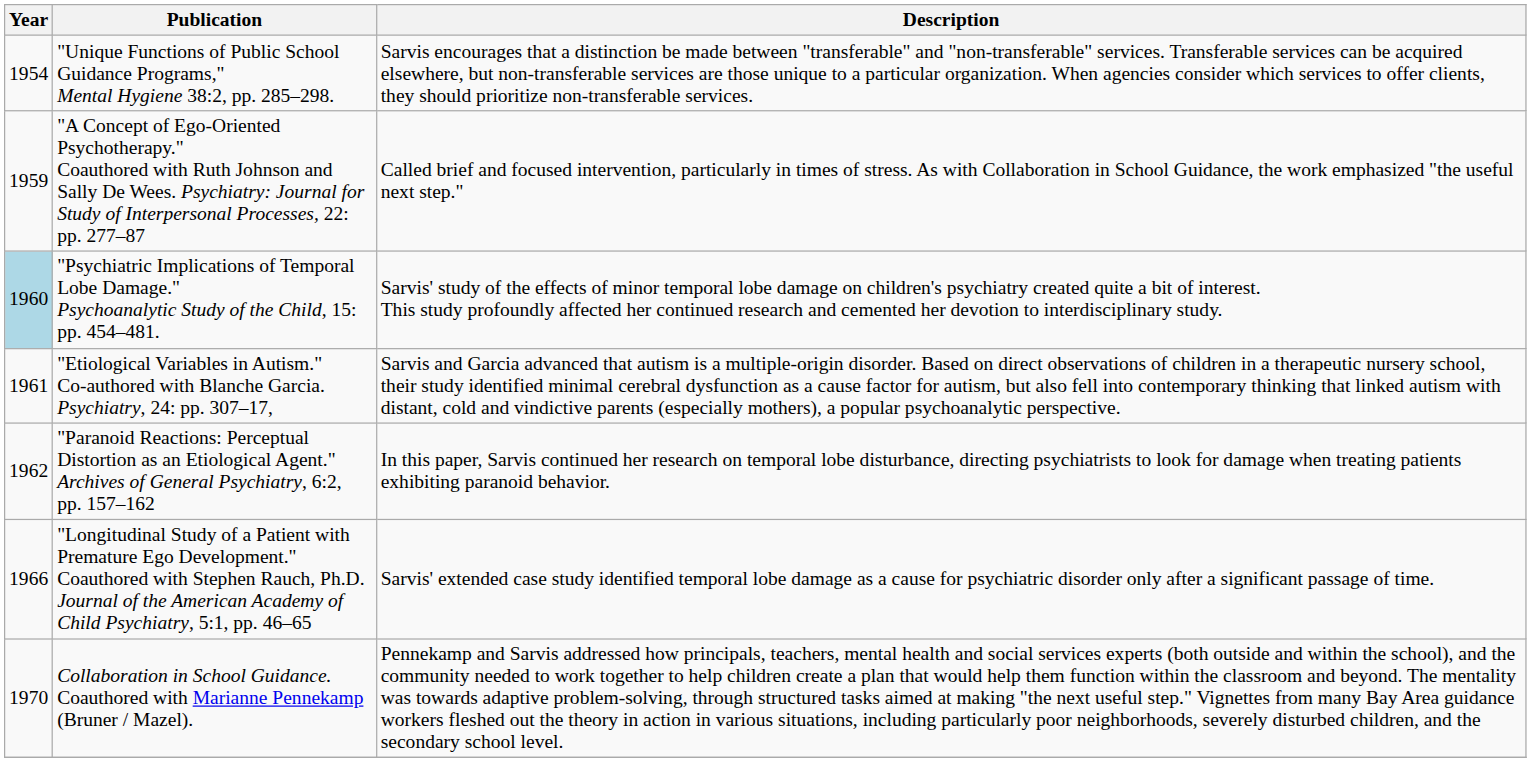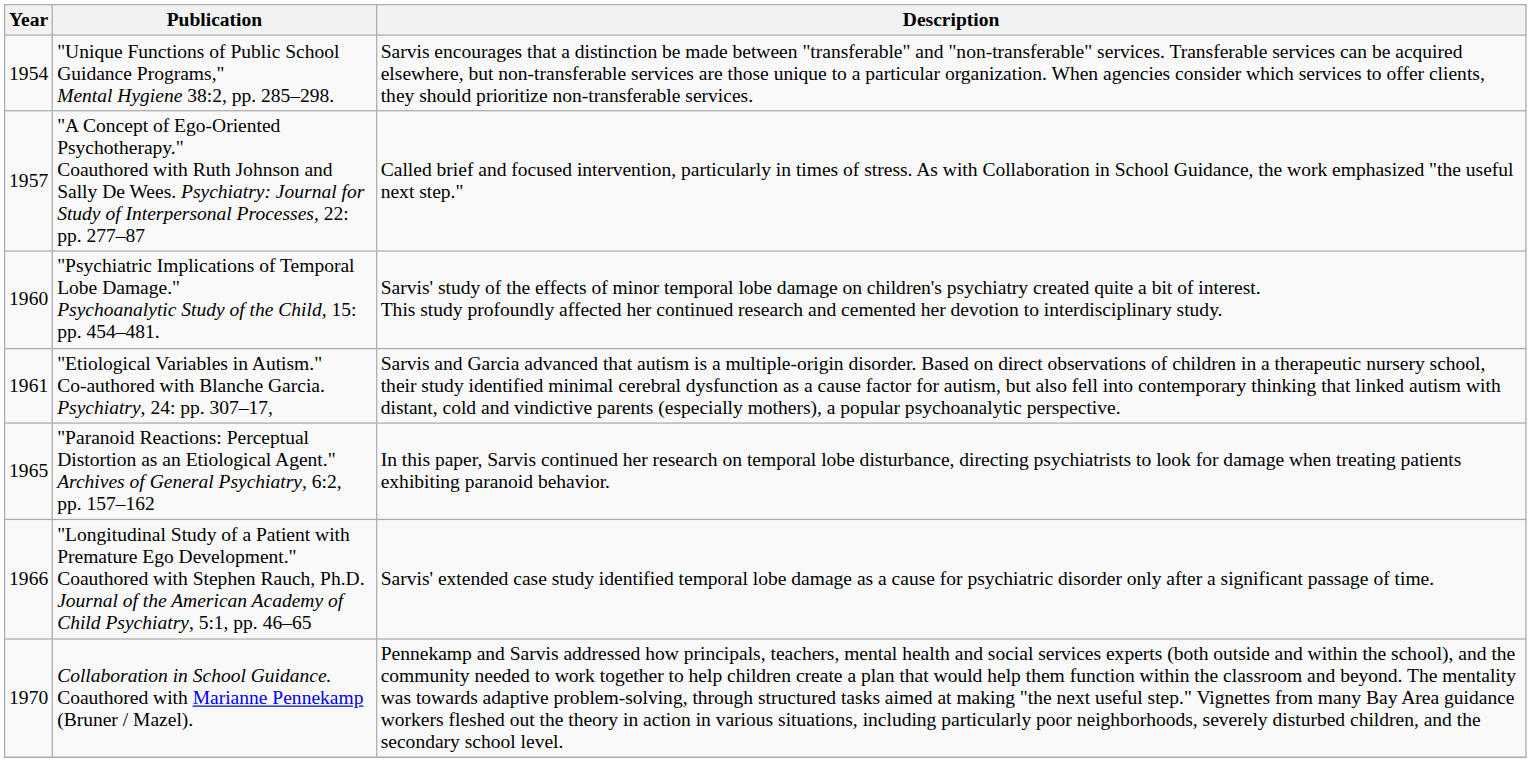 <table class="wikitable">
 <tr>
 <th>Year</th>
 <th>Publication</th>
 <th>Description</th>
 </tr>
 <tr>
 <td>1954</td>
 <td>"Unique Functions of Public School Guidance Programs,"<br><em>Mental Hygiene</em> 38:2, pp. 285–298.</td>
 <td>Sarvis encourages that a distinction be made between "transferable" and "non-transferable" services. Transferable services can be acquired elsewhere, but non-transferable services are those unique to a particular organization. When agencies consider which services to offer clients, they should prioritize non-transferable services.</td>
 </tr>
 <tr>
-<td>1959</td>
+<td>1957</td>
 <td>"A Concept of Ego-Oriented Psychotherapy."<br>Coauthored with Ruth Johnson and Sally De Wees. <em>Psychiatry: Journal for Study of Interpersonal Processes,</em>  22: pp. 277–87</td>
 <td>Called brief and focused intervention, particularly in times of stress.  As with Collaboration in School Guidance, the work emphasized "the useful next step."</td>
 </tr>
 <tr>
-<td style="background: lightblue;">1960</td>
+<td>1960</td>
 <td>"Psychiatric Implications of Temporal Lobe Damage."<br><em>Psychoanalytic Study of the Child</em>, 15: pp. 454–481.</td>
 <td>Sarvis' study of the effects of minor temporal lobe damage on children's psychiatry created quite a bit of interest.<br>This study profoundly affected her continued research and cemented her devotion to interdisciplinary study.</td>
 </tr>
 <tr>
 <td>1961</td>
 <td>"Etiological Variables in Autism."<br>Co-authored with Blanche Garcia. <em>Psychiatry</em>, 24: pp. 307–17,</td>
 <td>Sarvis and Garcia advanced that autism is a multiple-origin disorder. Based on direct observations of children in a therapeutic nursery school, their study identified minimal cerebral dysfunction as a cause factor for autism, but also fell into contemporary thinking that linked autism with distant, cold and vindictive parents (especially mothers), a popular psychoanalytic perspective.</td>
 </tr>
 <tr>
-<td>1962</td>
+<td>1965</td>
 <td>"Paranoid Reactions: Perceptual Distortion as an Etiological Agent."<br><em>Archives of General Psychiatry</em>, 6:2, pp. 157–162</td>
 <td>In this paper, Sarvis continued her research on temporal lobe disturbance, directing psychiatrists to look for damage when treating patients exhibiting paranoid behavior.</td>
 </tr>
 <tr>
 <td>1966</td>
 <td>"Longitudinal Study of a Patient with Premature Ego Development."<br>Coauthored with Stephen Rauch, Ph.D.  <em>Journal of the American Academy of Child Psychiatry</em>, 5:1, pp. 46–65</td>
 <td>Sarvis' extended case study identified temporal lobe damage as a cause for psychiatric disorder only after a significant passage of time.</td>
 </tr>
 <tr>
 <td>1970</td>
 <td><em>Collaboration in School Guidance.</em><br>Coauthored with <a href='#'>Marianne Pennekamp</a> (Bruner / Mazel).</td>
 <td>Pennekamp and Sarvis addressed how principals, teachers, mental health and social services experts (both outside and within the school), and the community needed to work together to help children create a plan that would help them function within the classroom and beyond. The mentality was towards adaptive problem-solving, through structured tasks aimed at making "the next useful step." Vignettes from many Bay Area guidance workers fleshed out the theory in action in various situations, including particularly poor neighborhoods, severely disturbed children, and the secondary school level.</td>
 </tr>
 <tr>
 </tr>
 </table>
